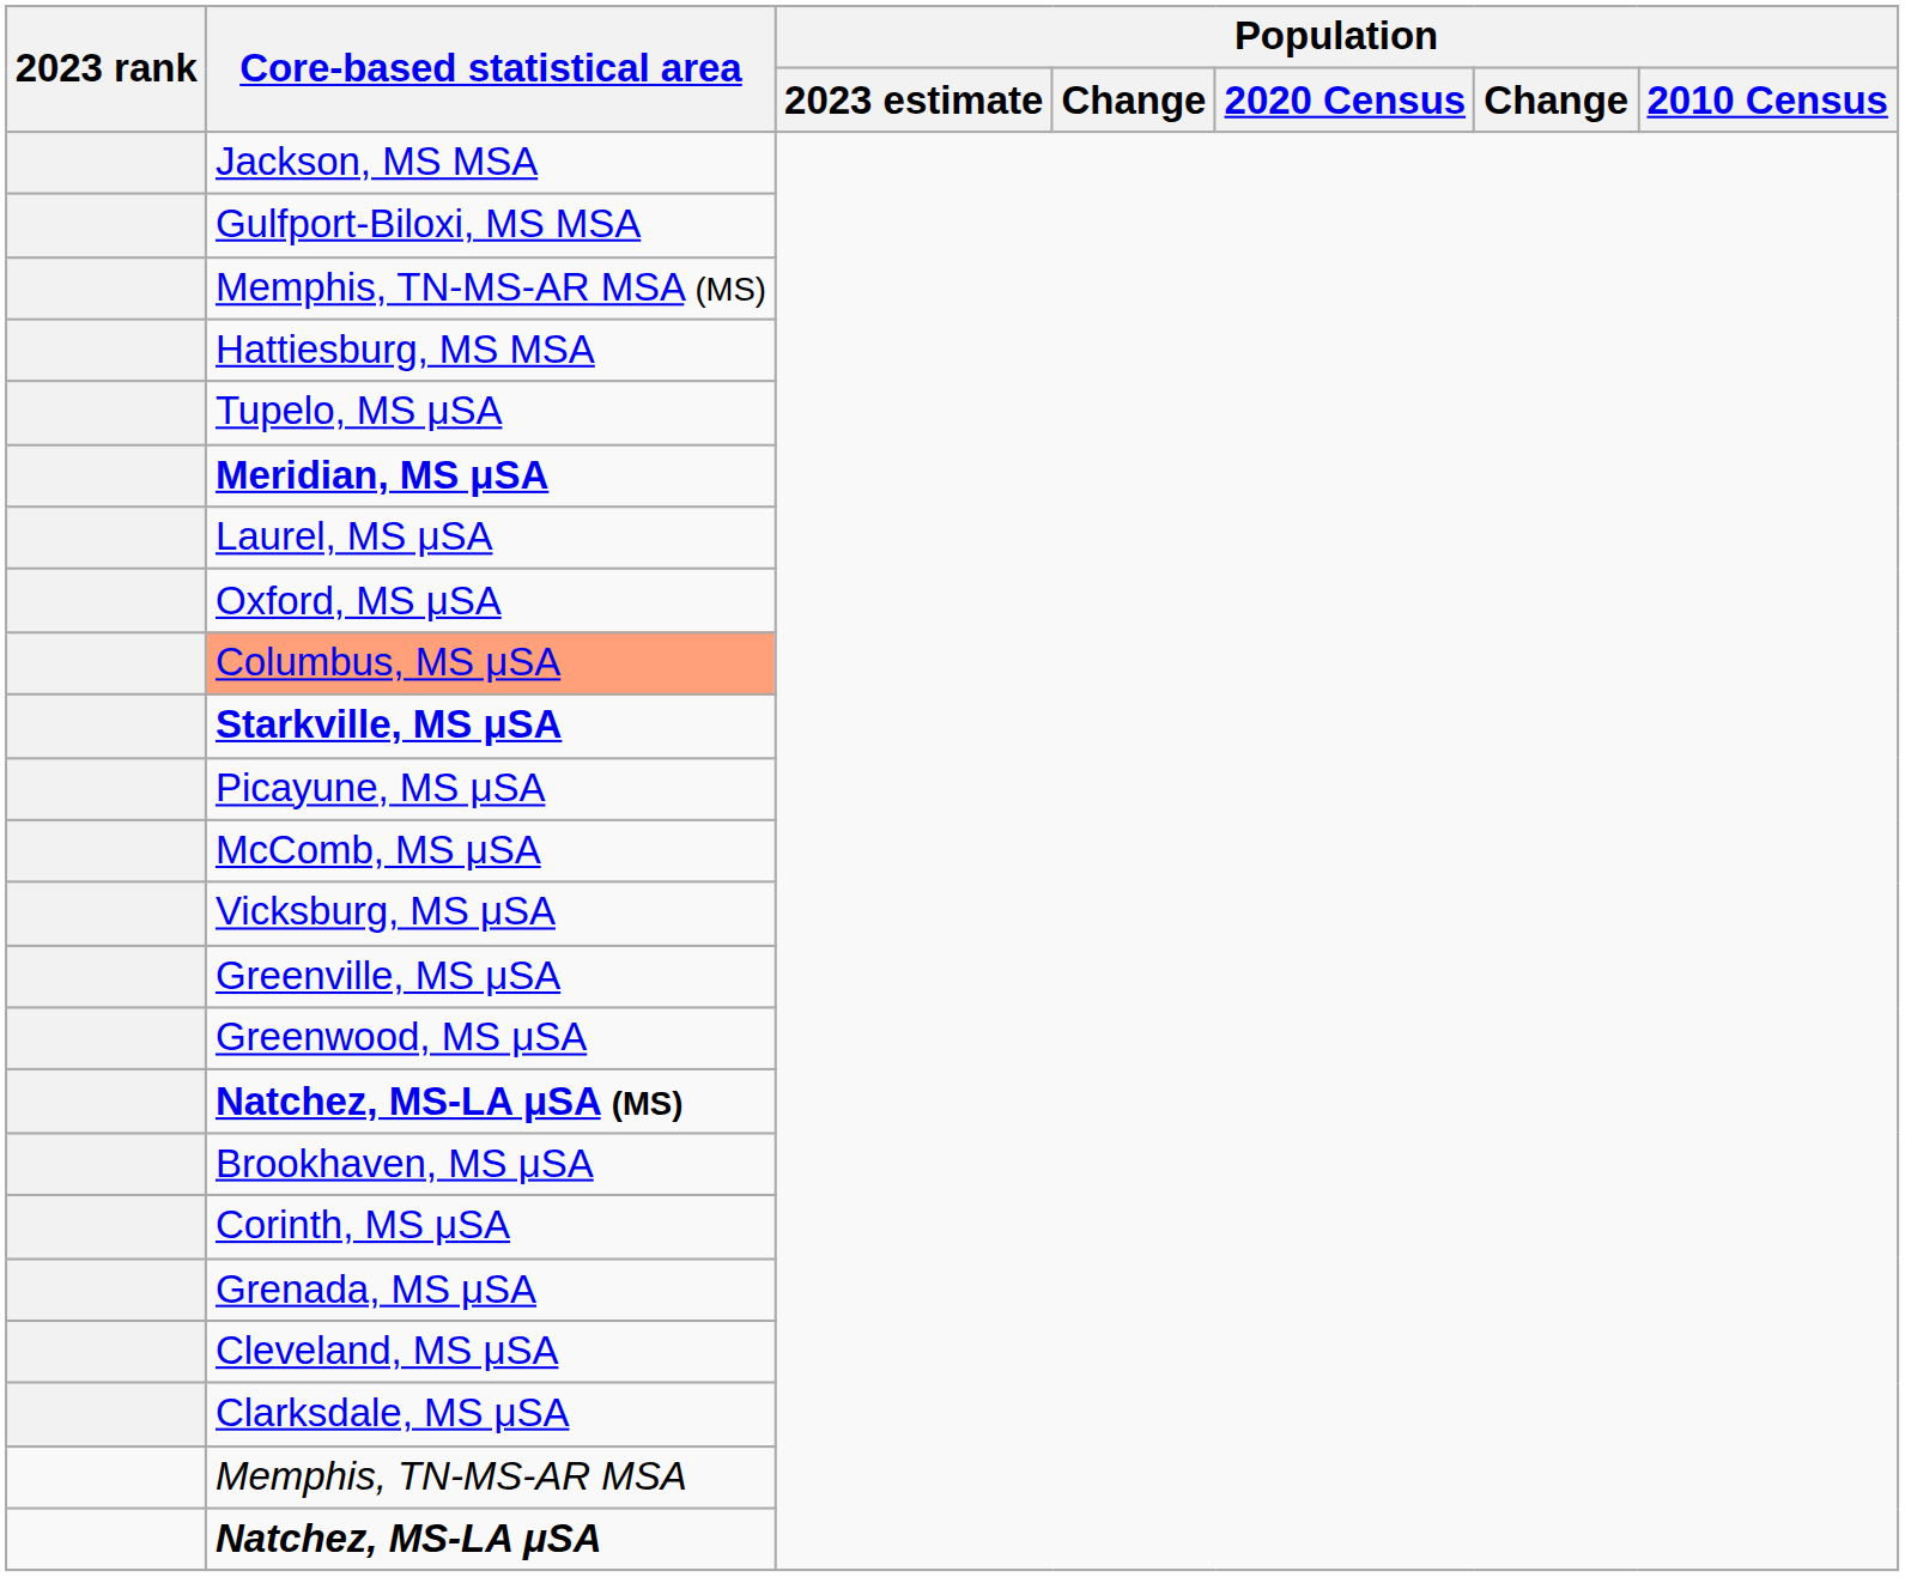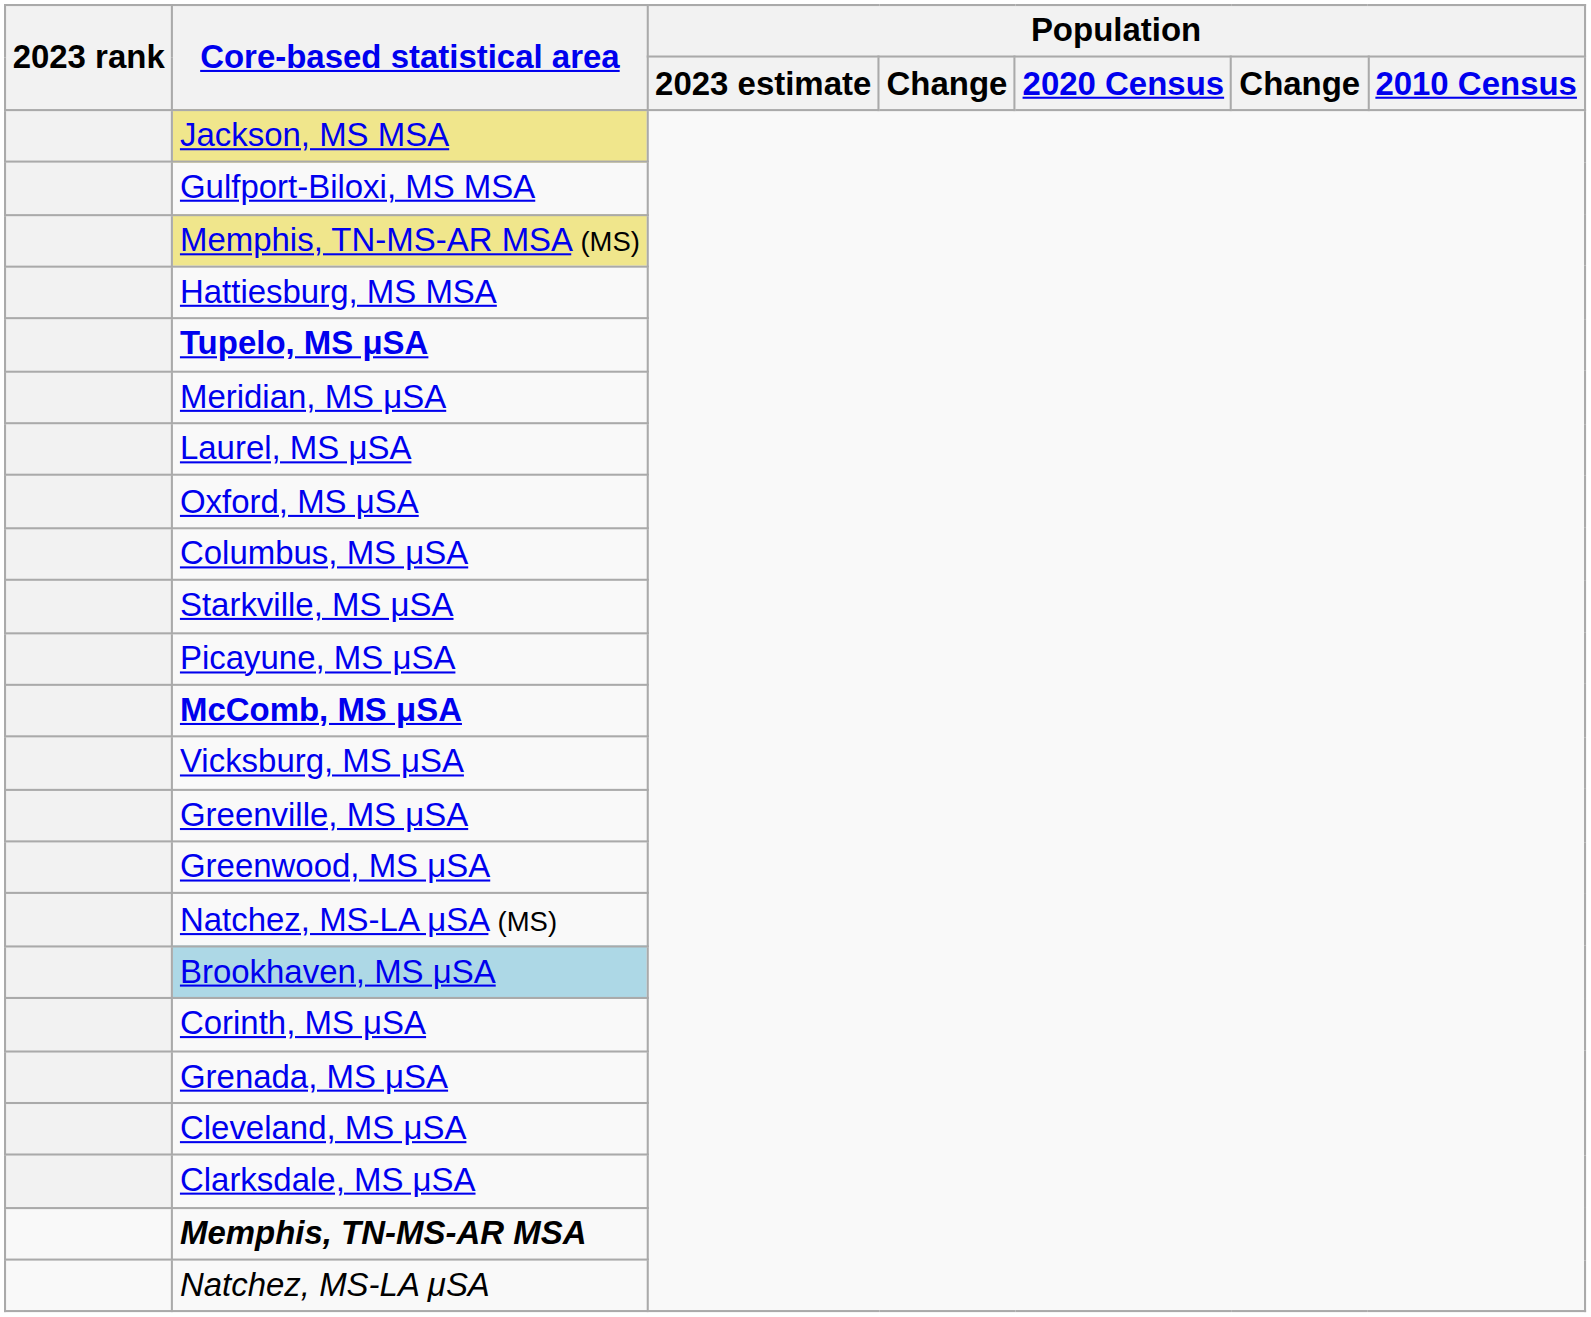 <table class="wikitable sortable">
 <tr>
 <th scope=col rowspan=2>2023 rank</th>
 <th scope=col rowspan=2><a href='#'>Core-based statistical area</a></th>
 <th colspan=5>Population</th>
 </tr>
 <tr>
 <th scope=col>2023 estimate</th>
 <th scope=col>Change</th>
 <th scope=col><a href='#'>2020 Census</a></th>
 <th scope=col>Change</th>
 <th scope=col><a href='#'>2010 Census</a></th>
 </tr>
 <tr>
 <th scope=row></th>
-<td><a href='#'>Jackson, MS MSA</a><br></td>
+<td style="background: khaki;"><a href='#'>Jackson, MS MSA</a><br></td>
 </tr>
 <tr>
 <th scope=row></th>
 <td><a href='#'>Gulfport-Biloxi, MS MSA</a><br></td>
 </tr>
 <tr>
 <th scope=row></th>
-<td><a href='#'>Memphis, TN-MS-AR MSA</a> <small>(MS)</small><br></td>
+<td style="background: khaki;"><a href='#'>Memphis, TN-MS-AR MSA</a> <small>(MS)</small><br></td>
 </tr>
 <tr>
 <th scope=row></th>
 <td><a href='#'>Hattiesburg, MS MSA</a><br></td>
 </tr>
 <tr>
 <th scope=row></th>
-<td><a href='#'>Tupelo, MS μSA</a><br></td>
+<td><strong><a href='#'>Tupelo, MS μSA</a><br></strong></td>
 </tr>
 <tr>
 <th scope=row></th>
-<td><strong><a href='#'>Meridian, MS μSA</a><br></strong></td>
+<td><a href='#'>Meridian, MS μSA</a><br></td>
 </tr>
 <tr>
 <th scope=row></th>
 <td><a href='#'>Laurel, MS μSA</a><br></td>
 </tr>
 <tr>
 <th scope=row></th>
 <td><a href='#'>Oxford, MS μSA</a><br></td>
 </tr>
 <tr>
 <th scope=row></th>
-<td style="background: lightsalmon;"><a href='#'>Columbus, MS μSA</a><br></td>
+<td><a href='#'>Columbus, MS μSA</a><br></td>
 </tr>
 <tr>
 <th scope=row></th>
-<td><strong><a href='#'>Starkville, MS μSA</a><br></strong></td>
+<td><a href='#'>Starkville, MS μSA</a><br></td>
 </tr>
 <tr>
 <th scope=row></th>
 <td><a href='#'>Picayune, MS μSA</a><br></td>
 </tr>
 <tr>
 <th scope=row></th>
-<td><a href='#'>McComb, MS μSA</a><br></td>
+<td><strong><a href='#'>McComb, MS μSA</a><br></strong></td>
 </tr>
 <tr>
 <th scope=row></th>
 <td><a href='#'>Vicksburg, MS μSA</a><br></td>
 </tr>
 <tr>
 <th scope=row></th>
 <td><a href='#'>Greenville, MS μSA</a><br></td>
 </tr>
 <tr>
 <th scope=row></th>
 <td><a href='#'>Greenwood, MS μSA</a><br></td>
 </tr>
 <tr>
 <th scope=row></th>
-<td><strong><a href='#'>Natchez, MS-LA μSA</a> <small>(MS)</small><br></strong></td>
+<td><a href='#'>Natchez, MS-LA μSA</a> <small>(MS)</small><br></td>
 </tr>
 <tr>
 <th scope=row></th>
-<td><a href='#'>Brookhaven, MS μSA</a><br></td>
+<td style="background: lightblue;"><a href='#'>Brookhaven, MS μSA</a><br></td>
 </tr>
 <tr>
 <th scope=row></th>
 <td><a href='#'>Corinth, MS μSA</a><br></td>
 </tr>
 <tr>
 <th scope=row></th>
 <td><a href='#'>Grenada, MS μSA</a><br></td>
 </tr>
 <tr>
 <th scope=row></th>
 <td><a href='#'>Cleveland, MS μSA</a><br></td>
 </tr>
 <tr>
 <th scope=row></th>
 <td><a href='#'>Clarksdale, MS μSA</a><br></td>
 </tr>
 <tr>
 <td></td>
-<td><em><span>Memphis, TN-MS-AR MSA</span></em><br></td>
+<td><strong><em><span>Memphis, TN-MS-AR MSA</span></em><br></strong></td>
 </tr>
 <tr>
 <td></td>
-<td><strong><em><span>Natchez, MS-LA μSA</span></em><br></strong></td>
+<td><em><span>Natchez, MS-LA μSA</span></em><br></td>
 </tr>
 </table>
